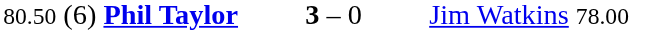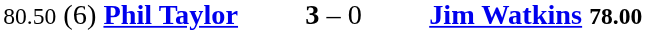 <table style="text-align:center">
 <tr>
 <th width=223></th>
 <th width=100></th>
 <th width=223></th>
 </tr>
 <tr>
 <td align=right><small>80.50</small> (6) <strong><a href='#'>Phil Taylor</a></strong> </td>
 <td><strong>3</strong> – 0</td>
-<td align=left> <a href='#'>Jim Watkins</a> <small>78.00</small></td>
+<td align=left><strong> <a href='#'>Jim Watkins</a> <small>78.00</small></strong></td>
 </tr>
 </table>
